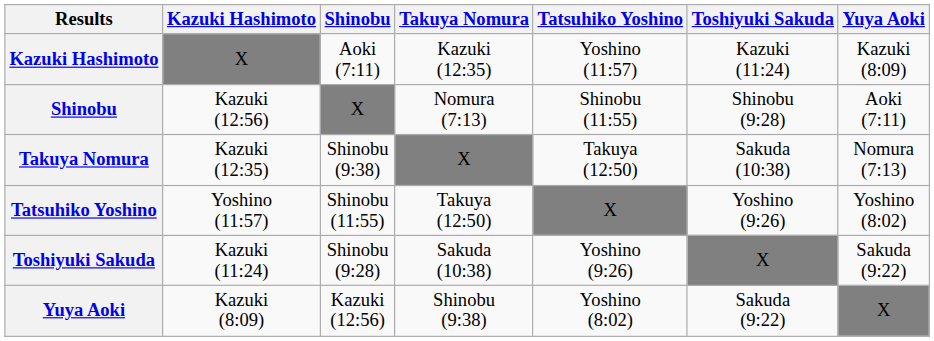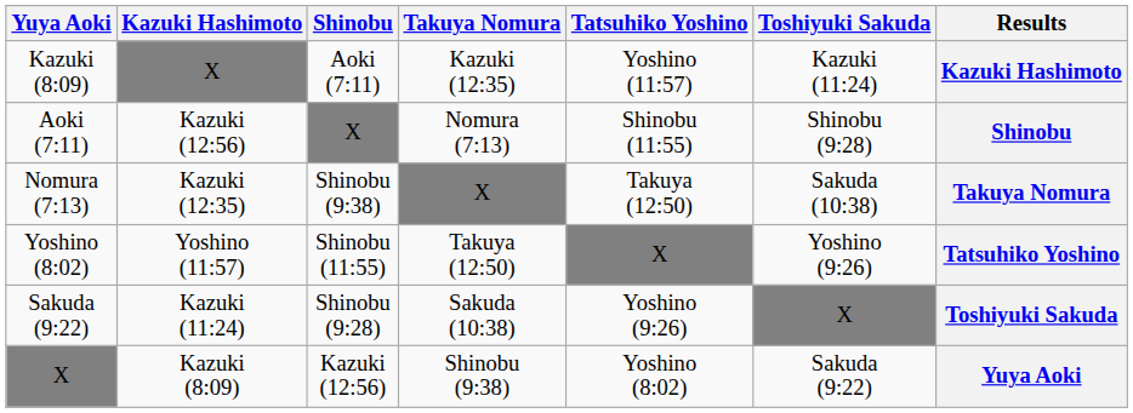 <table class="wikitable" style="margin: 1em auto 1em auto">
 <tr align="center">
-<th>Results</th>
+<th><a href='#'>Yuya Aoki</a></th>
 <th><a href='#'>Kazuki Hashimoto</a></th>
 <th><a href='#'>Shinobu</a></th>
 <th><a href='#'>Takuya Nomura</a></th>
 <th><a href='#'>Tatsuhiko Yoshino</a></th>
 <th><a href='#'>Toshiyuki Sakuda</a></th>
-<th><a href='#'>Yuya Aoki</a></th>
+<th>Results</th>
 </tr>
 <tr align="center">
-<th><a href='#'>Kazuki Hashimoto</a></th>
+<td>Kazuki<br>(8:09)</td>
 <td bgcolor=grey>X</td>
 <td>Aoki<br>(7:11)</td>
 <td>Kazuki<br>(12:35)</td>
 <td>Yoshino<br>(11:57)</td>
 <td>Kazuki<br>(11:24)</td>
-<td>Kazuki<br>(8:09)</td>
+<th><a href='#'>Kazuki Hashimoto</a></th>
 </tr>
 <tr align="center">
-<th><a href='#'>Shinobu</a></th>
+<td>Aoki<br>(7:11)</td>
 <td>Kazuki<br>(12:56)</td>
 <td bgcolor=grey>X</td>
 <td>Nomura<br>(7:13)</td>
 <td>Shinobu<br>(11:55)</td>
 <td>Shinobu<br>(9:28)</td>
-<td>Aoki<br>(7:11)</td>
+<th><a href='#'>Shinobu</a></th>
 </tr>
 <tr align="center">
-<th><a href='#'>Takuya Nomura</a></th>
+<td>Nomura<br>(7:13)</td>
 <td>Kazuki<br>(12:35)</td>
 <td>Shinobu<br>(9:38)</td>
 <td bgcolor=grey>X</td>
 <td>Takuya<br>(12:50)</td>
 <td>Sakuda<br>(10:38)</td>
-<td>Nomura<br>(7:13)</td>
+<th><a href='#'>Takuya Nomura</a></th>
 </tr>
 <tr align="center">
-<th><a href='#'>Tatsuhiko Yoshino</a></th>
+<td>Yoshino<br>(8:02)</td>
 <td>Yoshino<br>(11:57)</td>
 <td>Shinobu<br>(11:55)</td>
 <td>Takuya<br>(12:50)</td>
 <td bgcolor=grey>X</td>
 <td>Yoshino<br>(9:26)</td>
-<td>Yoshino<br>(8:02)</td>
+<th><a href='#'>Tatsuhiko Yoshino</a></th>
 </tr>
 <tr align="center">
-<th><a href='#'>Toshiyuki Sakuda</a></th>
+<td>Sakuda<br>(9:22)</td>
 <td>Kazuki<br>(11:24)</td>
 <td>Shinobu<br>(9:28)</td>
 <td>Sakuda<br>(10:38)</td>
 <td>Yoshino<br>(9:26)</td>
 <td bgcolor=grey>X</td>
-<td>Sakuda<br>(9:22)</td>
+<th><a href='#'>Toshiyuki Sakuda</a></th>
 </tr>
 <tr align="center">
-<th><a href='#'>Yuya Aoki</a></th>
+<td bgcolor=grey>X</td>
 <td>Kazuki<br>(8:09)</td>
 <td>Kazuki<br>(12:56)</td>
 <td>Shinobu<br>(9:38)</td>
 <td>Yoshino<br>(8:02)</td>
 <td>Sakuda<br>(9:22)</td>
-<td bgcolor=grey>X</td>
+<th><a href='#'>Yuya Aoki</a></th>
 </tr>
 </table>
